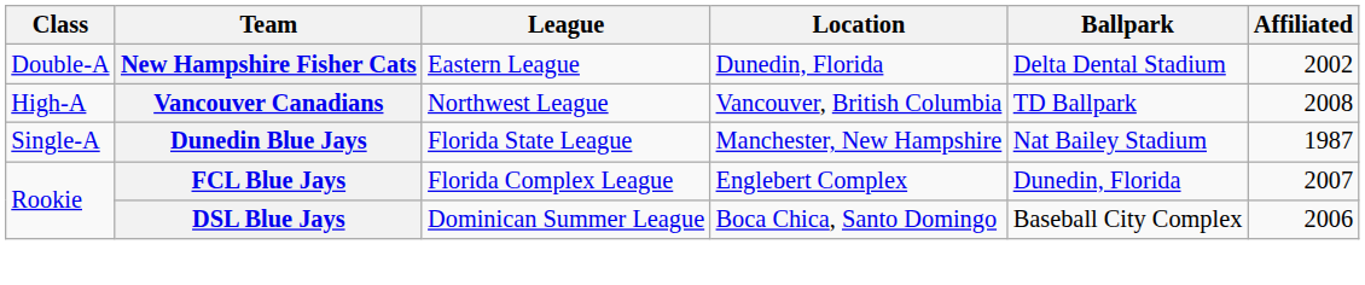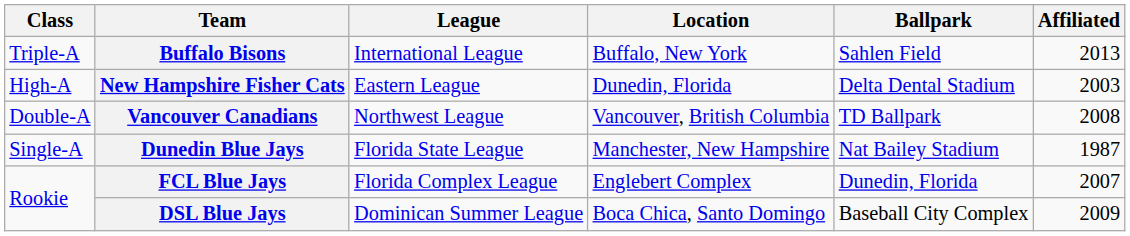 <table class="wikitable plainrowheaders sortable">
 <tr>
 <th scope="col">Class</th>
 <th scope="col">Team</th>
 <th scope="col">League</th>
 <th scope="col">Location</th>
 <th scope="col">Ballpark</th>
 <th scope="col">Affiliated</th>
 </tr>
 <tr>
-<td><a href='#'>Double-A</a></td>
+<td><a href='#'>Triple-A</a></td>
+<th scope="row"><a href='#'>Buffalo Bisons</a></th>
+<td><a href='#'>International League</a></td>
+<td><a href='#'>Buffalo, New York</a></td>
+<td><a href='#'>Sahlen Field</a></td>
+<td align="right">2013</td>
+</tr>
+<tr>
+<td><a href='#'>High-A</a></td>
 <th scope="row"><a href='#'>New Hampshire Fisher Cats</a></th>
 <td><a href='#'>Eastern League</a></td>
 <td><a href='#'>Dunedin, Florida</a></td>
 <td><a href='#'>Delta Dental Stadium</a></td>
-<td align="right">2002</td>
+<td align="right">2003</td>
 </tr>
 <tr>
-<td><a href='#'>High-A</a></td>
+<td><a href='#'>Double-A</a></td>
 <th scope="row"><a href='#'>Vancouver Canadians</a></th>
 <td><a href='#'>Northwest League</a></td>
 <td><a href='#'>Vancouver</a>, <a href='#'>British Columbia</a></td>
 <td><a href='#'>TD Ballpark</a></td>
 <td align="right">2008</td>
 </tr>
 <tr>
 <td><a href='#'>Single-A</a></td>
 <th scope="row"><a href='#'>Dunedin Blue Jays</a></th>
 <td><a href='#'>Florida State League</a></td>
 <td><a href='#'>Manchester, New Hampshire</a></td>
 <td><a href='#'>Nat Bailey Stadium</a></td>
 <td align="right">1987</td>
 </tr>
 <tr>
 <td rowspan=3><a href='#'>Rookie</a></td>
 <th scope="row"><a href='#'>FCL Blue Jays</a></th>
 <td><a href='#'>Florida Complex League</a></td>
 <td><a href='#'>Englebert Complex</a></td>
 <td><a href='#'>Dunedin, Florida</a></td>
 <td align="right">2007</td>
 </tr>
 <tr>
 <th scope="row"><a href='#'>DSL Blue Jays</a></th>
 <td><a href='#'>Dominican Summer League</a></td>
 <td><a href='#'>Boca Chica</a>, <a href='#'>Santo Domingo</a></td>
 <td>Baseball City Complex</td>
-<td align="right">2006</td>
+<td align="right">2009</td>
 </tr>
 </table>
